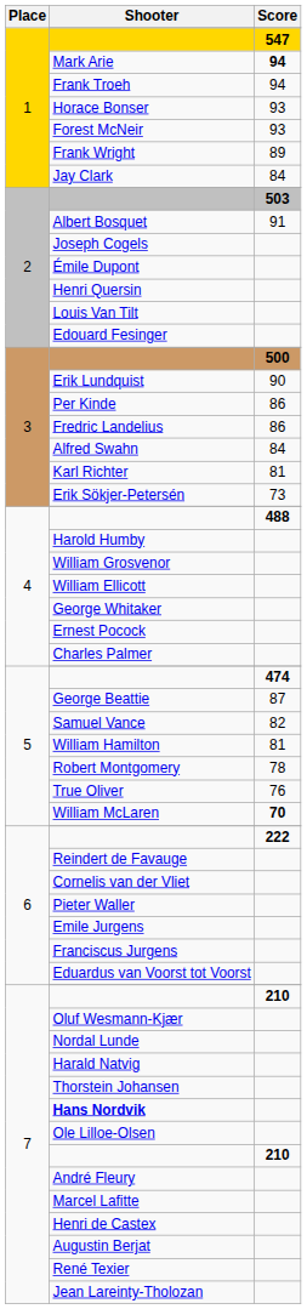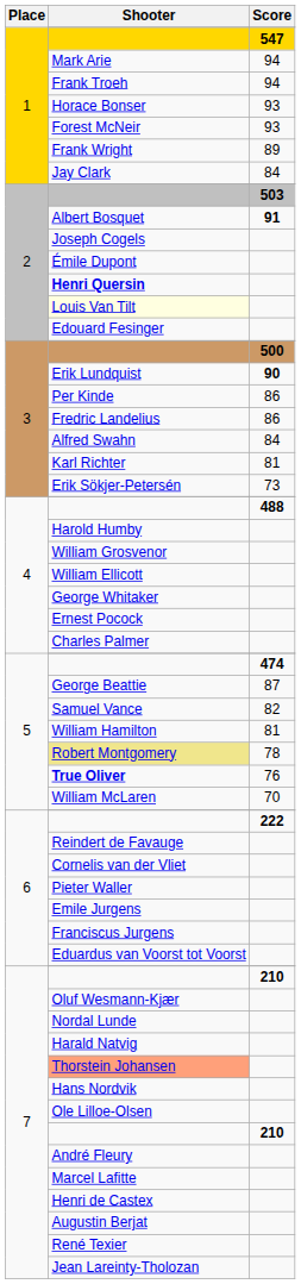 <table class=wikitable style="text-align:center">
 <tr>
 <th>Place</th>
 <th>Shooter</th>
 <th>Score</th>
 </tr>
 <tr>
 <td rowspan=8 align=center bgcolor=gold>1</td>
 </tr>
 <tr>
 <td align=left bgcolor=gold></td>
 <td bgcolor=gold><strong>547</strong></td>
 </tr>
 <tr>
 <td align=left><a href='#'>Mark Arie</a></td>
-<td><strong>94</strong></td>
+<td>94</td>
 </tr>
 <tr>
 <td align=left><a href='#'>Frank Troeh</a></td>
 <td>94</td>
 </tr>
 <tr>
 <td align=left><a href='#'>Horace Bonser</a></td>
 <td>93</td>
 </tr>
 <tr>
 <td align=left><a href='#'>Forest McNeir</a></td>
 <td>93</td>
 </tr>
 <tr>
 <td align=left><a href='#'>Frank Wright</a></td>
 <td>89</td>
 </tr>
 <tr>
 <td align=left><a href='#'>Jay Clark</a></td>
 <td>84</td>
 </tr>
 <tr>
 <td rowspan=8 align=center bgcolor=silver>2</td>
 </tr>
 <tr>
 <td align=left bgcolor=silver></td>
 <td bgcolor=silver><strong>503</strong></td>
 </tr>
 <tr>
 <td align=left><a href='#'>Albert Bosquet</a></td>
-<td>91</td>
+<td><strong>91</strong></td>
 </tr>
 <tr>
 <td align=left><a href='#'>Joseph Cogels</a></td>
 <td></td>
 </tr>
 <tr>
 <td align=left><a href='#'>Émile Dupont</a></td>
 <td></td>
 </tr>
 <tr>
-<td align=left><a href='#'>Henri Quersin</a></td>
+<td align=left><strong><a href='#'>Henri Quersin</a></strong></td>
 <td></td>
 </tr>
 <tr>
-<td align=left><a href='#'>Louis Van Tilt</a></td>
+<td align=left style="background: lightyellow;"><a href='#'>Louis Van Tilt</a></td>
 <td></td>
 </tr>
 <tr>
 <td align=left><a href='#'>Edouard Fesinger</a></td>
 <td></td>
 </tr>
 <tr>
 <td rowspan=8 align=center bgcolor=cc9966>3</td>
 </tr>
 <tr>
 <td align=left bgcolor=cc9966></td>
 <td bgcolor=cc9966><strong>500</strong></td>
 </tr>
 <tr>
 <td align=left><a href='#'>Erik Lundquist</a></td>
-<td>90</td>
+<td><strong>90</strong></td>
 </tr>
 <tr>
 <td align=left><a href='#'>Per Kinde</a></td>
 <td>86</td>
 </tr>
 <tr>
 <td align=left><a href='#'>Fredric Landelius</a></td>
 <td>86</td>
 </tr>
 <tr>
 <td align=left><a href='#'>Alfred Swahn</a></td>
 <td>84</td>
 </tr>
 <tr>
 <td align=left><a href='#'>Karl Richter</a></td>
 <td>81</td>
 </tr>
 <tr>
 <td align=left><a href='#'>Erik Sökjer-Petersén</a></td>
 <td>73</td>
 </tr>
 <tr>
 <td rowspan=8>4</td>
 </tr>
 <tr>
 <td align=left></td>
 <td><strong>488</strong></td>
 </tr>
 <tr>
 <td align=left><a href='#'>Harold Humby</a></td>
 <td></td>
 </tr>
 <tr>
 <td align=left><a href='#'>William Grosvenor</a></td>
 <td></td>
 </tr>
 <tr>
 <td align=left><a href='#'>William Ellicott</a></td>
 <td></td>
 </tr>
 <tr>
 <td align=left><a href='#'>George Whitaker</a></td>
 <td></td>
 </tr>
 <tr>
 <td align=left><a href='#'>Ernest Pocock</a></td>
 <td></td>
 </tr>
 <tr>
 <td align=left><a href='#'>Charles Palmer</a></td>
 <td></td>
 </tr>
 <tr>
 <td rowspan=8>5</td>
 </tr>
 <tr>
 <td align=left></td>
 <td><strong>474</strong></td>
 </tr>
 <tr>
 <td align=left><a href='#'>George Beattie</a></td>
 <td>87</td>
 </tr>
 <tr>
 <td align=left><a href='#'>Samuel Vance</a></td>
 <td>82</td>
 </tr>
 <tr>
 <td align=left><a href='#'>William Hamilton</a></td>
 <td>81</td>
 </tr>
 <tr>
-<td align=left><a href='#'>Robert Montgomery</a></td>
+<td align=left style="background: khaki;"><a href='#'>Robert Montgomery</a></td>
 <td>78</td>
 </tr>
 <tr>
-<td align=left><a href='#'>True Oliver</a></td>
+<td align=left><strong><a href='#'>True Oliver</a></strong></td>
 <td>76</td>
 </tr>
 <tr>
 <td align=left><a href='#'>William McLaren</a></td>
-<td><strong>70</strong></td>
+<td>70</td>
 </tr>
 <tr>
 <td rowspan=8>6</td>
 </tr>
 <tr>
 <td align=left></td>
 <td><strong>222</strong></td>
 </tr>
 <tr>
 <td align=left><a href='#'>Reindert de Favauge</a></td>
 <td></td>
 </tr>
 <tr>
 <td align=left><a href='#'>Cornelis van der Vliet</a></td>
 <td></td>
 </tr>
 <tr>
 <td align=left><a href='#'>Pieter Waller</a></td>
 <td></td>
 </tr>
 <tr>
 <td align=left><a href='#'>Emile Jurgens</a></td>
 <td></td>
 </tr>
 <tr>
 <td align=left><a href='#'>Franciscus Jurgens</a></td>
 <td></td>
 </tr>
 <tr>
 <td align=left><a href='#'>Eduardus van Voorst tot Voorst</a></td>
 <td></td>
 </tr>
 <tr>
 <td rowspan=16>7</td>
 </tr>
 <tr>
 <td align=left></td>
 <td><strong>210</strong></td>
 </tr>
 <tr>
 <td align=left><a href='#'>Oluf Wesmann-Kjær</a></td>
 <td></td>
 </tr>
 <tr>
 <td align=left><a href='#'>Nordal Lunde</a></td>
 <td></td>
 </tr>
 <tr>
 <td align=left><a href='#'>Harald Natvig</a></td>
 <td></td>
 </tr>
 <tr>
-<td align=left><a href='#'>Thorstein Johansen</a></td>
+<td align=left style="background: lightsalmon;"><a href='#'>Thorstein Johansen</a></td>
 <td></td>
 </tr>
 <tr>
-<td align=left><strong><a href='#'>Hans Nordvik</a></strong></td>
+<td align=left><a href='#'>Hans Nordvik</a></td>
 <td></td>
 </tr>
 <tr>
 <td align=left><a href='#'>Ole Lilloe-Olsen</a></td>
 <td></td>
 </tr>
 <tr>
 <td align=left></td>
 <td><strong>210</strong></td>
 </tr>
 <tr>
 <td align=left><a href='#'>André Fleury</a></td>
 <td></td>
 </tr>
 <tr>
 <td align=left><a href='#'>Marcel Lafitte</a></td>
 <td></td>
 </tr>
 <tr>
 <td align=left><a href='#'>Henri de Castex</a></td>
 <td></td>
 </tr>
 <tr>
 <td align=left><a href='#'>Augustin Berjat</a></td>
 <td></td>
 </tr>
 <tr>
 <td align=left><a href='#'>René Texier</a></td>
 <td></td>
 </tr>
 <tr>
 <td align=left><a href='#'>Jean Lareinty-Tholozan</a></td>
 <td></td>
 </tr>
 </table>
